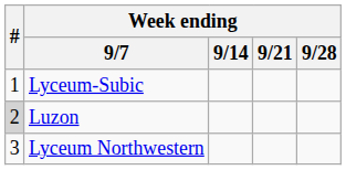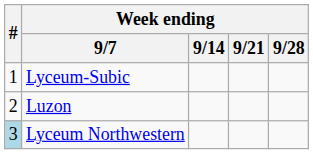 <table class=wikitable style="font-size:92%;">
 <tr>
 <th rowspan=2>#</th>
 <th colspan=9>Week ending</th>
 </tr>
 <tr>
 <th>9/7</th>
 <th>9/14</th>
 <th>9/21</th>
 <th>9/28</th>
 </tr>
 <tr>
 <td>1</td>
 <td><a href='#'>Lyceum-Subic</a></td>
 <td></td>
 <td></td>
 <td></td>
 </tr>
 <tr>
-<td style="background: lightgrey;">2</td>
+<td>2</td>
 <td><a href='#'>Luzon</a></td>
 <td></td>
 <td></td>
 <td></td>
 </tr>
 <tr>
-<td>3</td>
+<td style="background: lightblue;">3</td>
 <td><a href='#'>Lyceum Northwestern</a></td>
 <td></td>
 <td></td>
 <td></td>
 </tr>
 </table>
